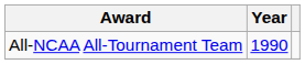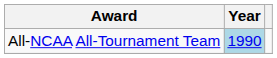 <table class="wikitable">
 <tr>
 <th>Award</th>
 <th>Year</th>
 <th></th>
 </tr>
 <tr>
 <td>All-<a href='#'>NCAA</a> <a href='#'>All-Tournament Team</a></td>
-<td><a href='#'>1990</a></td>
+<td style="background: lightblue;"><a href='#'>1990</a></td>
 <td></td>
 </tr>
 <tr>
 </tr>
 </table>
